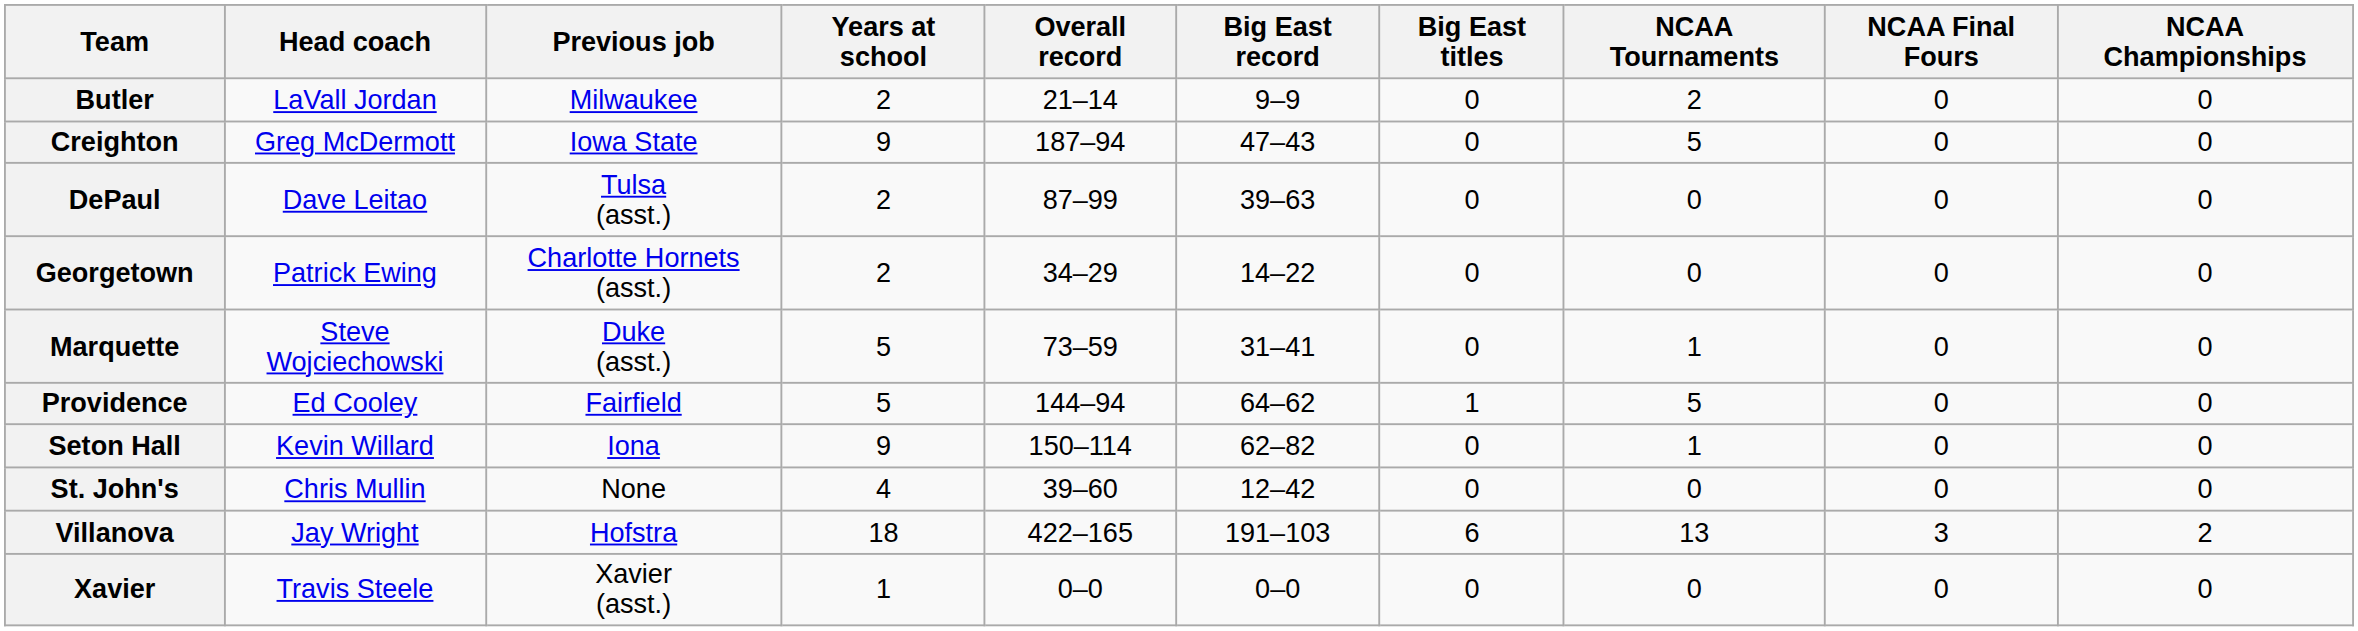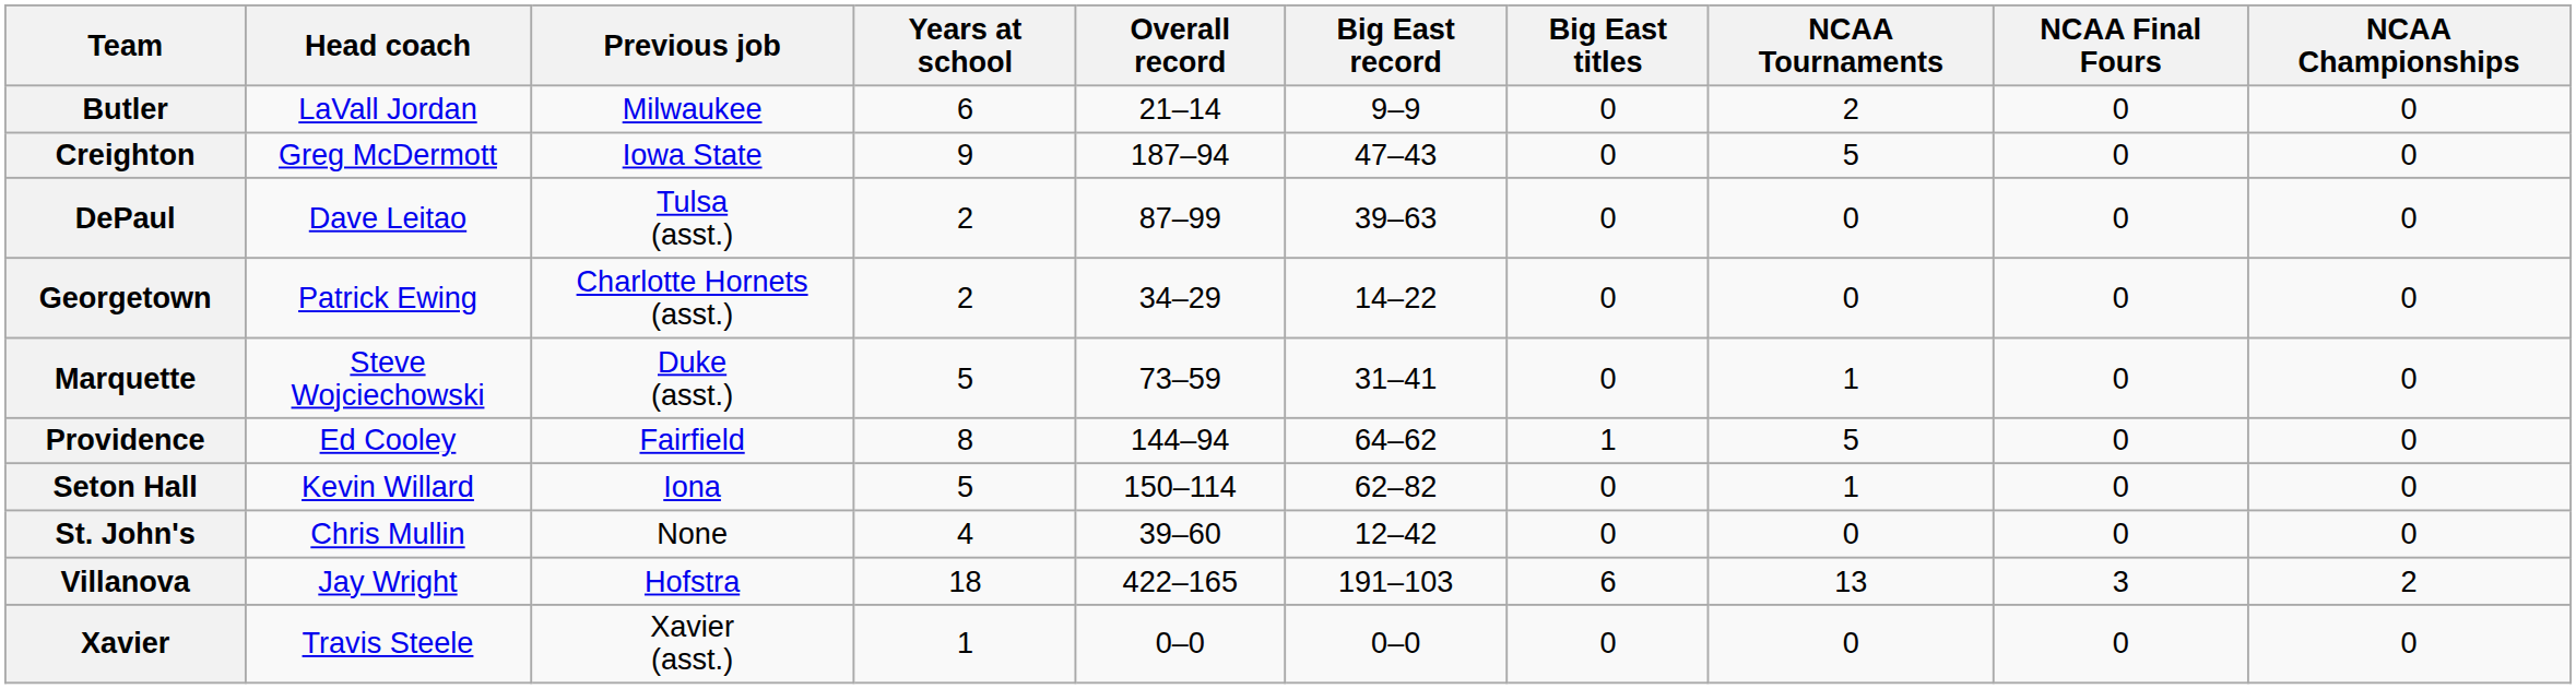 <table class="wikitable sortable" style="text-align: center;font-size:90%;">
 <tr>
 <th width="110">Team</th>
 <th>Head coach</th>
 <th>Previous job</th>
 <th>Years at school</th>
 <th>Overall record</th>
 <th>Big East record</th>
 <th>Big East titles</th>
 <th>NCAA Tournaments</th>
 <th>NCAA Final Fours</th>
 <th>NCAA Championships</th>
 </tr>
 <tr>
 <th>Butler</th>
 <td><a href='#'>LaVall Jordan</a></td>
 <td><a href='#'>Milwaukee</a></td>
-<td>2</td>
+<td>6</td>
 <td>21–14</td>
 <td>9–9</td>
 <td>0</td>
 <td>2</td>
 <td>0</td>
 <td>0</td>
 </tr>
 <tr>
 <th style=>Creighton</th>
 <td><a href='#'>Greg McDermott</a></td>
 <td><a href='#'>Iowa State</a></td>
 <td>9</td>
 <td>187–94</td>
 <td>47–43</td>
 <td>0</td>
 <td>5</td>
 <td>0</td>
 <td>0</td>
 </tr>
 <tr>
 <th style=>DePaul</th>
 <td><a href='#'>Dave Leitao</a></td>
 <td><a href='#'>Tulsa</a><br>(asst.)</td>
 <td>2</td>
 <td>87–99</td>
 <td>39–63</td>
 <td>0</td>
 <td>0</td>
 <td>0</td>
 <td>0</td>
 </tr>
 <tr>
 <th style=>Georgetown</th>
 <td><a href='#'>Patrick Ewing</a></td>
 <td><a href='#'>Charlotte Hornets</a> (asst.)</td>
 <td>2</td>
 <td>34–29</td>
 <td>14–22</td>
 <td>0</td>
 <td>0</td>
 <td>0</td>
 <td>0</td>
 </tr>
 <tr>
 <th style=>Marquette</th>
 <td><a href='#'>Steve Wojciechowski</a></td>
 <td><a href='#'>Duke</a><br>(asst.)</td>
 <td>5</td>
 <td>73–59</td>
 <td>31–41</td>
 <td>0</td>
 <td>1</td>
 <td>0</td>
 <td>0</td>
 </tr>
 <tr>
 <th style=>Providence</th>
 <td><a href='#'>Ed Cooley</a></td>
 <td><a href='#'>Fairfield</a></td>
-<td>5</td>
+<td>8</td>
 <td>144–94</td>
 <td>64–62</td>
 <td>1</td>
 <td>5</td>
 <td>0</td>
 <td>0</td>
 </tr>
 <tr>
 <th style=>Seton Hall</th>
 <td><a href='#'>Kevin Willard</a></td>
 <td><a href='#'>Iona</a></td>
-<td>9</td>
+<td>5</td>
 <td>150–114</td>
 <td>62–82</td>
 <td>0</td>
 <td>1</td>
 <td>0</td>
 <td>0</td>
 </tr>
 <tr>
 <th>St. John's</th>
 <td><a href='#'>Chris Mullin</a></td>
 <td>None</td>
 <td>4</td>
 <td>39–60</td>
 <td>12–42</td>
 <td>0</td>
 <td>0</td>
 <td>0</td>
 <td>0</td>
 </tr>
 <tr>
 <th>Villanova</th>
 <td><a href='#'>Jay Wright</a></td>
 <td><a href='#'>Hofstra</a></td>
 <td>18</td>
 <td>422–165</td>
 <td>191–103</td>
 <td>6</td>
 <td>13</td>
 <td>3</td>
 <td>2</td>
 </tr>
 <tr>
 <th>Xavier</th>
 <td><a href='#'>Travis Steele</a></td>
 <td>Xavier<br>(asst.)</td>
 <td>1</td>
 <td>0–0</td>
 <td>0–0</td>
 <td>0</td>
 <td>0</td>
 <td>0</td>
 <td>0</td>
 </tr>
 </table>
